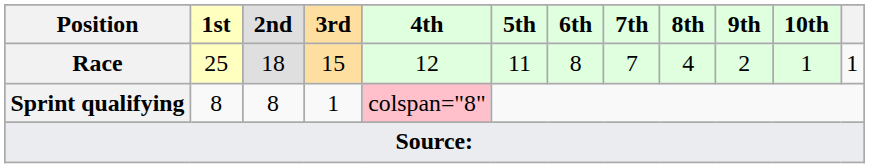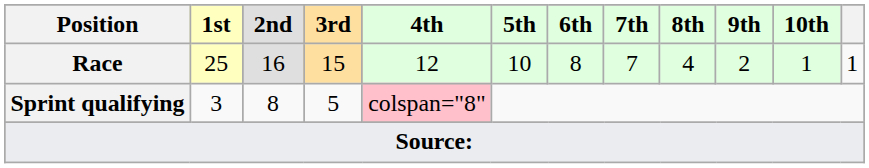 <table class="wikitable" style="font-size: 85%; text-align:center">
 <tr>
 <th>Position</th>
 <th style="background-color:#ffffbf"> 1st </th>
 <th style="background-color:#dfdfdf"> 2nd </th>
 <th style="background-color:#ffdf9f"> 3rd </th>
 <th style="background-color:#dfffdf"> 4th </th>
 <th style="background-color:#dfffdf"> 5th </th>
 <th style="background-color:#dfffdf"> 6th </th>
 <th style="background-color:#dfffdf"> 7th </th>
 <th style="background-color:#dfffdf"> 8th </th>
 <th style="background-color:#dfffdf"> 9th </th>
 <th style="background-color:#dfffdf"> 10th </th>
 <th><a href='#'></a></th>
 </tr>
 <tr>
 <th>Race</th>
 <td style="background-color:#ffffbf">25</td>
-<td style="background-color:#dfdfdf">18</td>
+<td style="background-color:#dfdfdf">16</td>
 <td style="background-color:#ffdf9f">15</td>
 <td style="background-color:#dfffdf">12</td>
-<td style="background-color:#dfffdf">11</td>
+<td style="background-color:#dfffdf">10</td>
 <td style="background-color:#dfffdf">8</td>
 <td style="background-color:#dfffdf">7</td>
 <td style="background-color:#dfffdf">4</td>
 <td style="background-color:#dfffdf">2</td>
 <td style="background-color:#dfffdf">1</td>
 <td>1</td>
 </tr>
 <tr>
 <th>Sprint qualifying</th>
+<td>3</td>
 <td>8</td>
-<td>8</td>
-<td>1</td>
+<td>5</td>
 <td style="background: pink;">colspan="8" </td>
 </tr>
 <tr class="sortbottom">
 <td colspan="100" style="background-color:#EAECF0;text-align:center"><strong>Source:</strong></td>
 </tr>
 </table>
